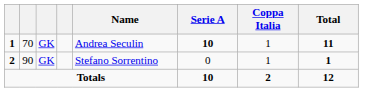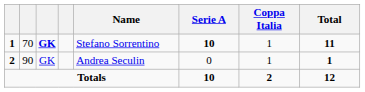 <table class="wikitable" style="text-align:center">
 <tr>
 <th width=15></th>
 <th width=15></th>
 <th width=15></th>
 <th width=15></th>
 <th width=145>Name</th>
 <th width=80><a href='#'>Serie A</a></th>
 <th width=80><a href='#'>Coppa Italia</a></th>
 <th width=80>Total</th>
 </tr>
 <tr>
 <td><strong>1</strong></td>
 <td>70</td>
-<td><a href='#'>GK</a></td>
+<td><strong><a href='#'>GK</a></strong></td>
 <td></td>
-<td align=left><a href='#'>Andrea Seculin</a></td>
+<td align=left><a href='#'>Stefano Sorrentino</a></td>
 <td><strong>10</strong></td>
 <td>1</td>
 <td><strong>11</strong></td>
 </tr>
 <tr>
 <td><strong>2</strong></td>
 <td>90</td>
 <td><a href='#'>GK</a></td>
 <td></td>
-<td align=left><a href='#'>Stefano Sorrentino</a></td>
+<td align=left><a href='#'>Andrea Seculin</a></td>
 <td>0</td>
 <td>1</td>
 <td><strong>1</strong></td>
 </tr>
 <tr>
 <td colspan=5><strong>Totals</strong></td>
 <td><strong>10</strong></td>
 <td><strong>2</strong></td>
 <td><strong>12</strong></td>
 </tr>
 </table>
